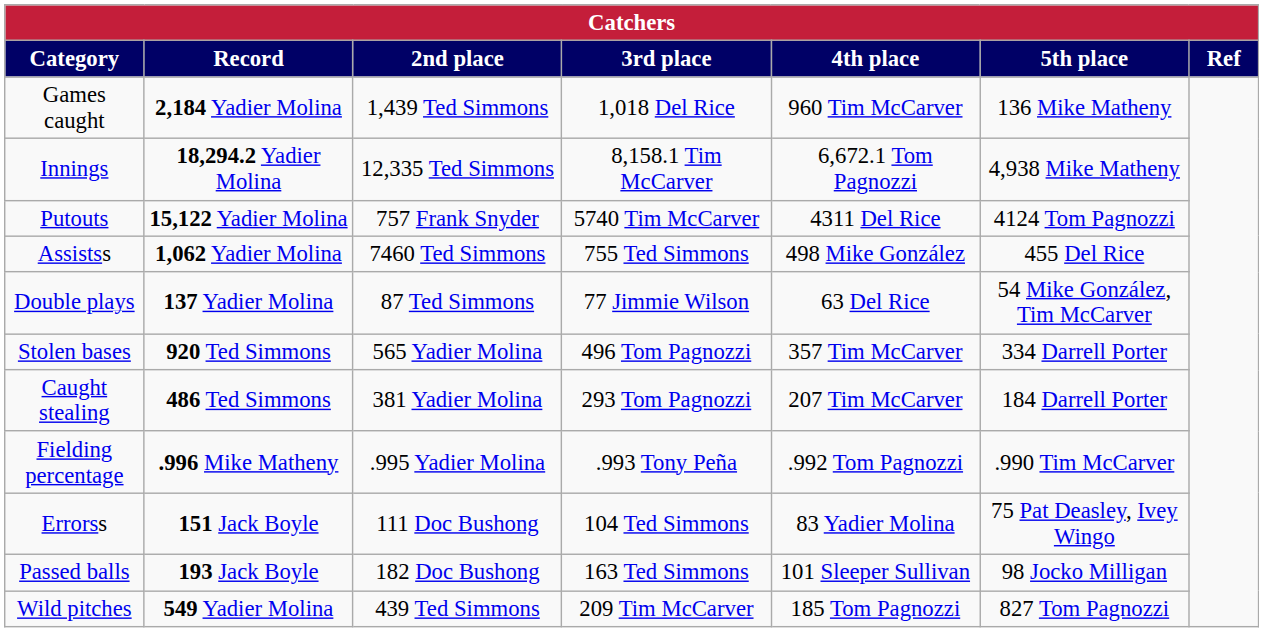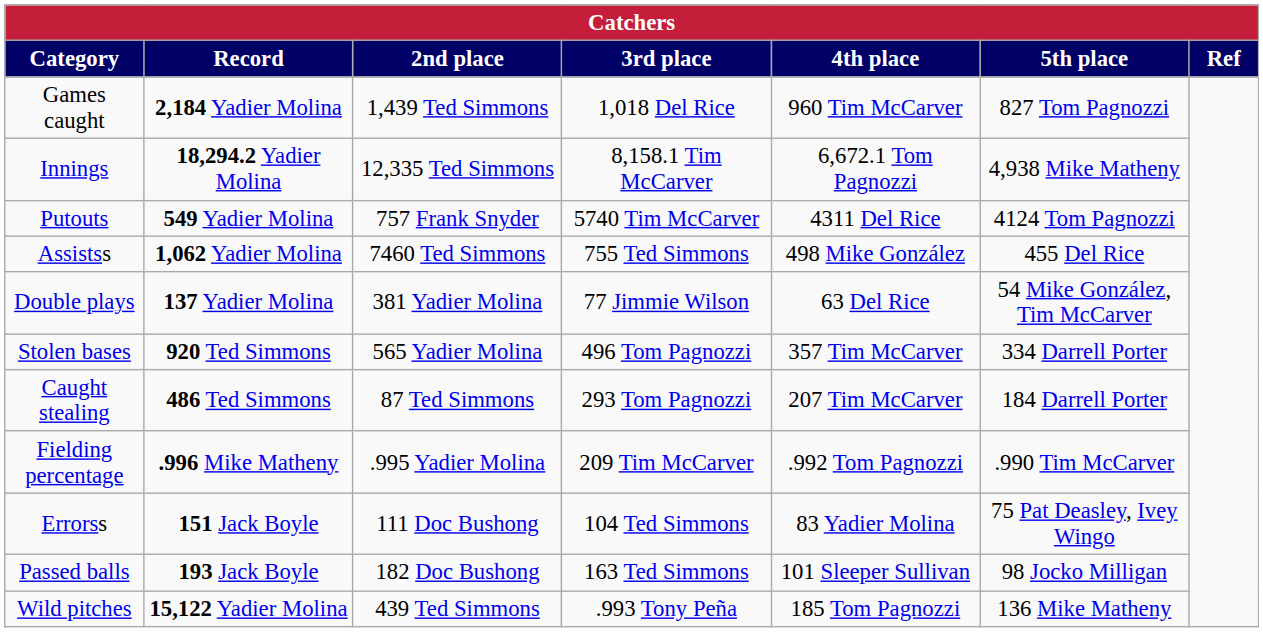 <table class="wikitable" style="text-align:center; width:100%">
 <tr>
 <th colspan=7 style="background:#C41E3A;color:#FFFFFF;">Catchers</th>
 </tr>
 <tr>
 <th scope="col" width=10% style="background:#000066;color:#FFFFFF;">Category</th>
 <th scope="col" width=15% style="background:#000066;color:#FFFFFF;">Record</th>
 <th scope="col" width=15% style="background:#000066;color:#FFFFFF;">2nd place</th>
 <th scope="col" width=15% style="background:#000066;color:#FFFFFF;">3rd place</th>
 <th scope="col" width=15% style="background:#000066;color:#FFFFFF;">4th place</th>
 <th scope="col" width=15% style="background:#000066;color:#FFFFFF;">5th place</th>
 <th scope="col" width=5% style="background:#000066;color:#FFFFFF;">Ref</th>
 </tr>
 <tr>
 <td>Games caught</td>
 <td><strong>2,184</strong> <a href='#'>Yadier Molina</a></td>
 <td>1,439 <a href='#'>Ted Simmons</a></td>
 <td>1,018 <a href='#'>Del Rice</a></td>
 <td>960 <a href='#'>Tim McCarver</a></td>
-<td>136 <a href='#'>Mike Matheny</a></td>
+<td>827 <a href='#'>Tom Pagnozzi</a></td>
 <td rowspan="11" style="text-align: center;"></td>
 </tr>
 <tr>
 <td><a href='#'>Innings</a></td>
 <td><strong>18,294.2</strong> <a href='#'>Yadier Molina</a></td>
 <td>12,335 <a href='#'>Ted Simmons</a></td>
 <td>8,158.1 <a href='#'>Tim McCarver</a></td>
 <td>6,672.1 <a href='#'>Tom Pagnozzi</a></td>
 <td>4,938 <a href='#'>Mike Matheny</a></td>
 </tr>
 <tr>
 <td><a href='#'>Putouts</a></td>
-<td><strong>15,122</strong> <a href='#'>Yadier Molina</a></td>
+<td><strong>549</strong> <a href='#'>Yadier Molina</a></td>
 <td>757 <a href='#'>Frank Snyder</a></td>
 <td>5740 <a href='#'>Tim McCarver</a></td>
 <td>4311 <a href='#'>Del Rice</a></td>
 <td>4124 <a href='#'>Tom Pagnozzi</a></td>
 </tr>
 <tr>
 <td><a href='#'>Assists</a>s</td>
 <td><strong>1,062</strong> <a href='#'>Yadier Molina</a></td>
 <td>7460 <a href='#'>Ted Simmons</a></td>
 <td>755 <a href='#'>Ted Simmons</a></td>
 <td>498 <a href='#'>Mike González</a></td>
 <td>455 <a href='#'>Del Rice</a></td>
 </tr>
 <tr>
 <td><a href='#'>Double plays</a></td>
 <td><strong>137</strong> <a href='#'>Yadier Molina</a></td>
-<td>87 <a href='#'>Ted Simmons</a></td>
+<td>381 <a href='#'>Yadier Molina</a></td>
 <td>77 <a href='#'>Jimmie Wilson</a></td>
 <td>63 <a href='#'>Del Rice</a></td>
 <td>54 <a href='#'>Mike González</a>, <a href='#'>Tim McCarver</a></td>
 </tr>
 <tr>
 <td><a href='#'>Stolen bases</a></td>
 <td><strong>920</strong> <a href='#'>Ted Simmons</a></td>
 <td>565 <a href='#'>Yadier Molina</a></td>
 <td>496 <a href='#'>Tom Pagnozzi</a></td>
 <td>357 <a href='#'>Tim McCarver</a></td>
 <td>334 <a href='#'>Darrell Porter</a></td>
 </tr>
 <tr>
 <td><a href='#'>Caught stealing</a></td>
 <td><strong>486</strong> <a href='#'>Ted Simmons</a></td>
-<td>381 <a href='#'>Yadier Molina</a></td>
+<td>87 <a href='#'>Ted Simmons</a></td>
 <td>293 <a href='#'>Tom Pagnozzi</a></td>
 <td>207 <a href='#'>Tim McCarver</a></td>
 <td>184 <a href='#'>Darrell Porter</a></td>
 </tr>
 <tr>
 <td><a href='#'>Fielding percentage</a></td>
 <td><strong>.996</strong> <a href='#'>Mike Matheny</a></td>
 <td>.995 <a href='#'>Yadier Molina</a></td>
-<td>.993 <a href='#'>Tony Peña</a></td>
+<td>209 <a href='#'>Tim McCarver</a></td>
 <td>.992 <a href='#'>Tom Pagnozzi</a></td>
 <td>.990 <a href='#'>Tim McCarver</a></td>
 </tr>
 <tr>
 <td><a href='#'>Errors</a>s</td>
 <td><strong>151</strong> <a href='#'>Jack Boyle</a></td>
 <td>111 <a href='#'>Doc Bushong</a></td>
 <td>104 <a href='#'>Ted Simmons</a></td>
 <td>83 <a href='#'>Yadier Molina</a></td>
 <td>75 <a href='#'>Pat Deasley</a>, <a href='#'>Ivey Wingo</a></td>
 </tr>
 <tr>
 <td><a href='#'>Passed balls</a></td>
 <td><strong>193</strong> <a href='#'>Jack Boyle</a></td>
 <td>182 <a href='#'>Doc Bushong</a></td>
 <td>163 <a href='#'>Ted Simmons</a></td>
 <td>101 <a href='#'>Sleeper Sullivan</a></td>
 <td>98 <a href='#'>Jocko Milligan</a></td>
 </tr>
 <tr>
 <td><a href='#'>Wild pitches</a></td>
-<td><strong>549</strong> <a href='#'>Yadier Molina</a></td>
+<td><strong>15,122</strong> <a href='#'>Yadier Molina</a></td>
 <td>439 <a href='#'>Ted Simmons</a></td>
-<td>209 <a href='#'>Tim McCarver</a></td>
+<td>.993 <a href='#'>Tony Peña</a></td>
 <td>185 <a href='#'>Tom Pagnozzi</a></td>
-<td>827 <a href='#'>Tom Pagnozzi</a></td>
+<td>136 <a href='#'>Mike Matheny</a></td>
 </tr>
 </table>
